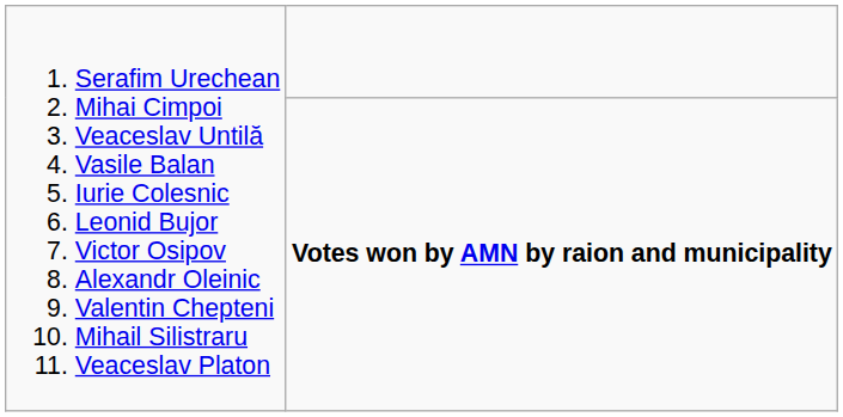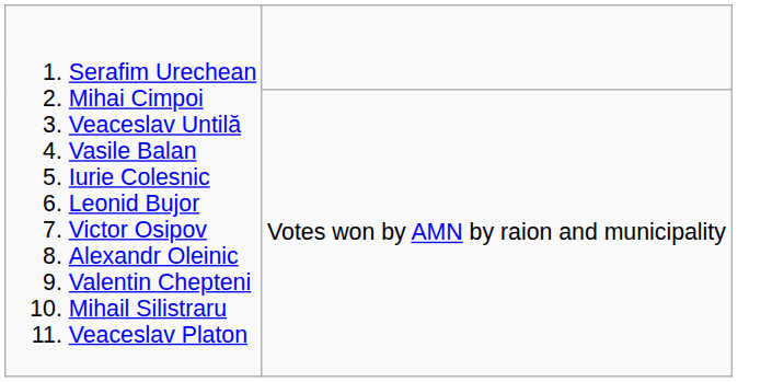 <table class=wikitable>
 <tr>
 <td valign=top rowspan=2><br><ol><li><a href='#'>Serafim Urechean</a></li><li><a href='#'>Mihai Cimpoi</a></li><li><a href='#'>Veaceslav Untilă</a></li><li><a href='#'>Vasile Balan</a></li><li><a href='#'>Iurie Colesnic</a></li><li><a href='#'>Leonid Bujor</a></li><li><a href='#'>Victor Osipov</a></li><li><a href='#'>Alexandr Oleinic</a></li><li><a href='#'>Valentin Chepteni</a></li><li><a href='#'>Mihail Silistraru</a></li><li><a href='#'>Veaceslav Platon</a></li></ol></td>
 <td></td>
 </tr>
 <tr>
-<td align=center><strong>Votes won by <a href='#'>AMN</a> by raion and municipality</strong></td>
+<td align=center>Votes won by <a href='#'>AMN</a> by raion and municipality</td>
 </tr>
 </table>
